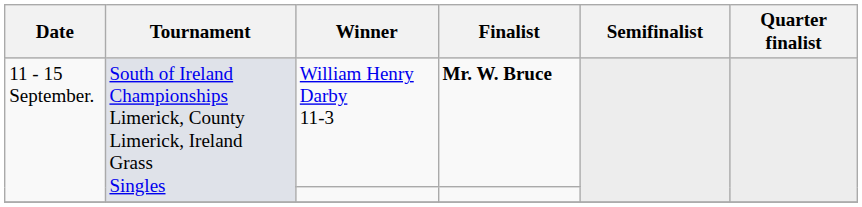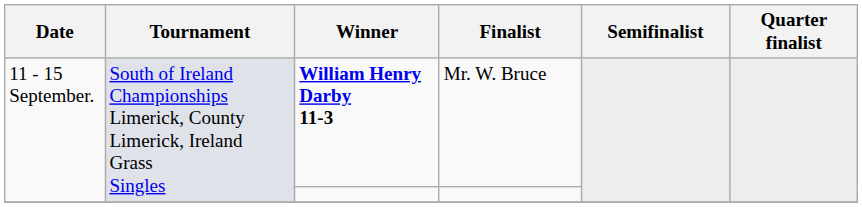 <table class="wikitable" style="font-size:85%;">
 <tr>
 <th width="75">Date</th>
 <th width="230">Tournament</th>
 <th width="210">Winner</th>
 <th width="210">Finalist</th>
 <th width="170">Semifinalist</th>
 <th width="170">Quarter finalist</th>
 </tr>
 <tr valign=top>
 <td rowspan=2>11 - 15 September.</td>
 <td style="background:#dfe2e9" rowspan=2><a href='#'>South of Ireland Championships</a><br>Limerick, County Limerick, Ireland<br>Grass<br><a href='#'>Singles</a></td>
-<td>  <a href='#'>William Henry Darby</a><br>11-3</td>
-<td><strong>  Mr. W. Bruce</strong></td>
+<td><strong>  <a href='#'>William Henry Darby</a><br>11-3</strong></td>
+<td>  Mr. W. Bruce</td>
 <td style="background:#ededed;" rowspan=2></td>
 <td style="background:#ededed;" rowspan=2></td>
 </tr>
 <tr valign=top>
 <td></td>
 <td></td>
 </tr>
 <tr valign=top>
 </tr>
 </table>
